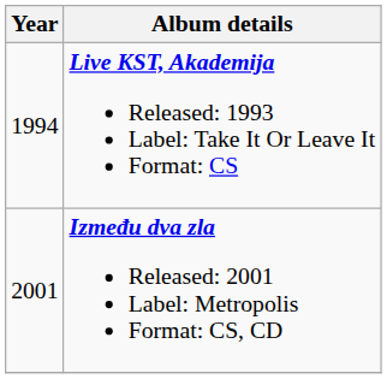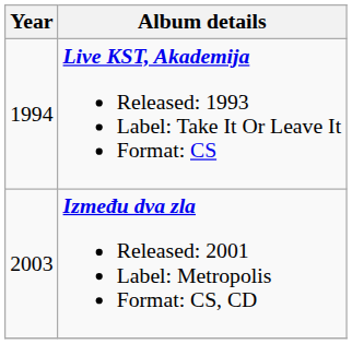 <table class ="wikitable">
 <tr>
 <th>Year</th>
 <th>Album details</th>
 </tr>
 <tr>
 <td align="center" rowspan="1">1994</td>
 <td><strong><em><a href='#'>Live KST, Akademija</a></em></strong><br><ul><li>Released: 1993</li><li>Label: Take It Or Leave It</li><li>Format: <a href='#'>CS</a></li></ul></td>
 </tr>
 <tr>
-<td align="center" rowspan="1">2001</td>
+<td align="center" rowspan="1">2003</td>
 <td><strong><em><a href='#'>Između dva zla</a></em></strong><br><ul><li>Released: 2001</li><li>Label: Metropolis</li><li>Format: CS, CD</li></ul></td>
 </tr>
 <tr>
 </tr>
 </table>
